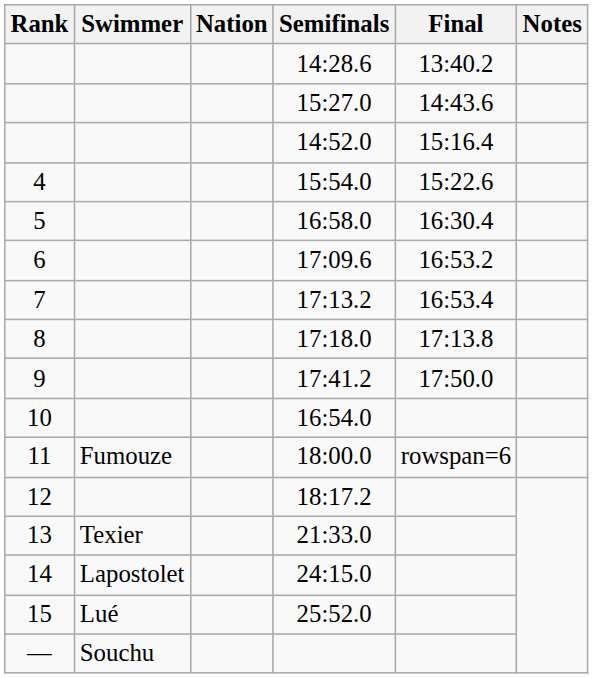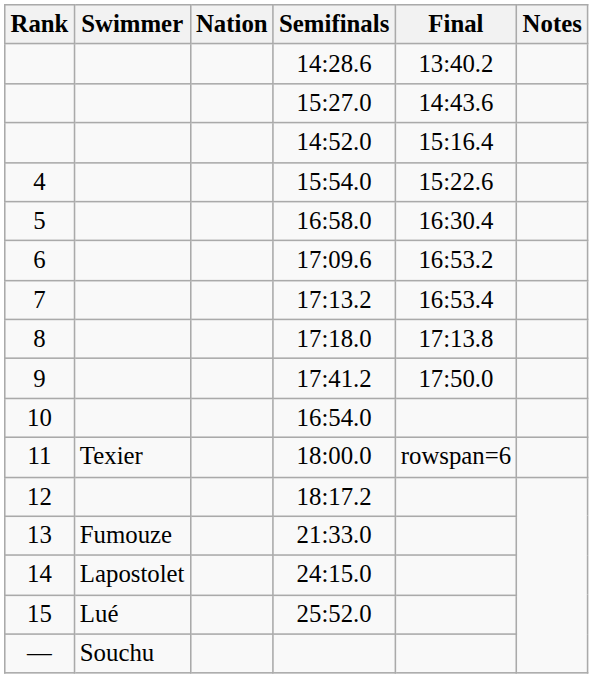 <table class="wikitable sortable" style="text-align:center">
 <tr>
 <th>Rank</th>
 <th>Swimmer</th>
 <th>Nation</th>
 <th>Semifinals</th>
 <th>Final</th>
 <th>Notes</th>
 </tr>
 <tr>
 <td></td>
 <td align=left></td>
 <td align=left></td>
 <td>14:28.6</td>
 <td>13:40.2</td>
 <td></td>
 </tr>
 <tr>
 <td></td>
 <td align=left></td>
 <td align=left></td>
 <td>15:27.0</td>
 <td>14:43.6</td>
 <td></td>
 </tr>
 <tr>
 <td></td>
 <td align=left></td>
 <td align=left></td>
 <td>14:52.0</td>
 <td>15:16.4</td>
 <td></td>
 </tr>
 <tr>
 <td>4</td>
 <td align=left></td>
 <td align=left></td>
 <td>15:54.0</td>
 <td>15:22.6</td>
 <td></td>
 </tr>
 <tr>
 <td>5</td>
 <td align=left></td>
 <td align=left></td>
 <td>16:58.0</td>
 <td>16:30.4</td>
 <td></td>
 </tr>
 <tr>
 <td>6</td>
 <td align=left></td>
 <td align=left></td>
 <td>17:09.6</td>
 <td>16:53.2</td>
 <td></td>
 </tr>
 <tr>
 <td>7</td>
 <td align=left></td>
 <td align=left></td>
 <td>17:13.2</td>
 <td>16:53.4</td>
 <td></td>
 </tr>
 <tr>
 <td>8</td>
 <td align=left></td>
 <td align=left></td>
 <td>17:18.0</td>
 <td>17:13.8</td>
 <td></td>
 </tr>
 <tr>
 <td>9</td>
 <td align=left></td>
 <td align=left></td>
 <td>17:41.2</td>
 <td>17:50.0</td>
 <td></td>
 </tr>
 <tr>
 <td>10</td>
 <td align=left></td>
 <td align=left></td>
 <td>16:54.0</td>
 <td></td>
 <td></td>
 </tr>
 <tr>
 <td>11</td>
-<td align=left>Fumouze</td>
+<td align=left>Texier</td>
 <td align=left></td>
 <td>18:00.0</td>
 <td>rowspan=6 </td>
 <td></td>
 </tr>
 <tr>
 <td>12</td>
 <td align=left></td>
 <td align=left></td>
 <td>18:17.2</td>
 <td></td>
 </tr>
 <tr>
 <td>13</td>
-<td align=left>Texier</td>
+<td align=left>Fumouze</td>
 <td align=left></td>
 <td>21:33.0</td>
 <td></td>
 </tr>
 <tr>
 <td>14</td>
 <td align=left>Lapostolet</td>
 <td align=left></td>
 <td>24:15.0</td>
 <td></td>
 </tr>
 <tr align=center>
 <td>15</td>
 <td align=left>Lué</td>
 <td align=left></td>
 <td>25:52.0</td>
 <td></td>
 </tr>
 <tr align=center>
 <td data-sort-value=16>—</td>
 <td align=left>Souchu</td>
 <td align=left></td>
 <td></td>
 <td></td>
 </tr>
 </table>
